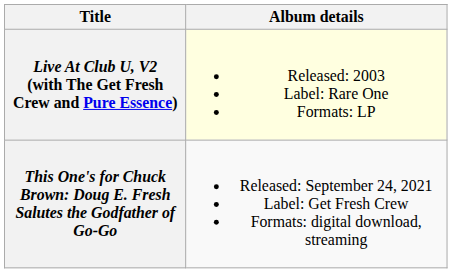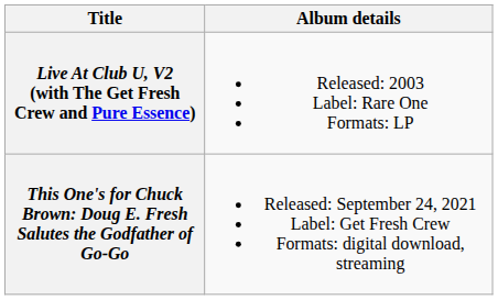 <table class="wikitable plainrowheaders" style="text-align:center;">
 <tr>
 <th scope="col" style="width:11em;">Title</th>
 <th scope="col" style="width:16em;">Album details</th>
 </tr>
 <tr>
 <th scope="row"><em>Live At Club U, V2</em><br><span>(with The Get Fresh Crew and <a href='#'>Pure Essence</a>)</span></th>
-<td style="background: lightyellow;"><br><ul><li>Released: 2003</li><li>Label: Rare One</li><li>Formats: LP</li></ul></td>
+<td><br><ul><li>Released: 2003</li><li>Label: Rare One</li><li>Formats: LP</li></ul></td>
 </tr>
 <tr>
 <th scope="row"><em>This One's for Chuck Brown: Doug E. Fresh Salutes the Godfather of Go-Go</em></th>
 <td><br><ul><li>Released: September 24, 2021</li><li>Label: Get Fresh Crew</li><li>Formats: digital download, streaming</li></ul></td>
 </tr>
 </table>
